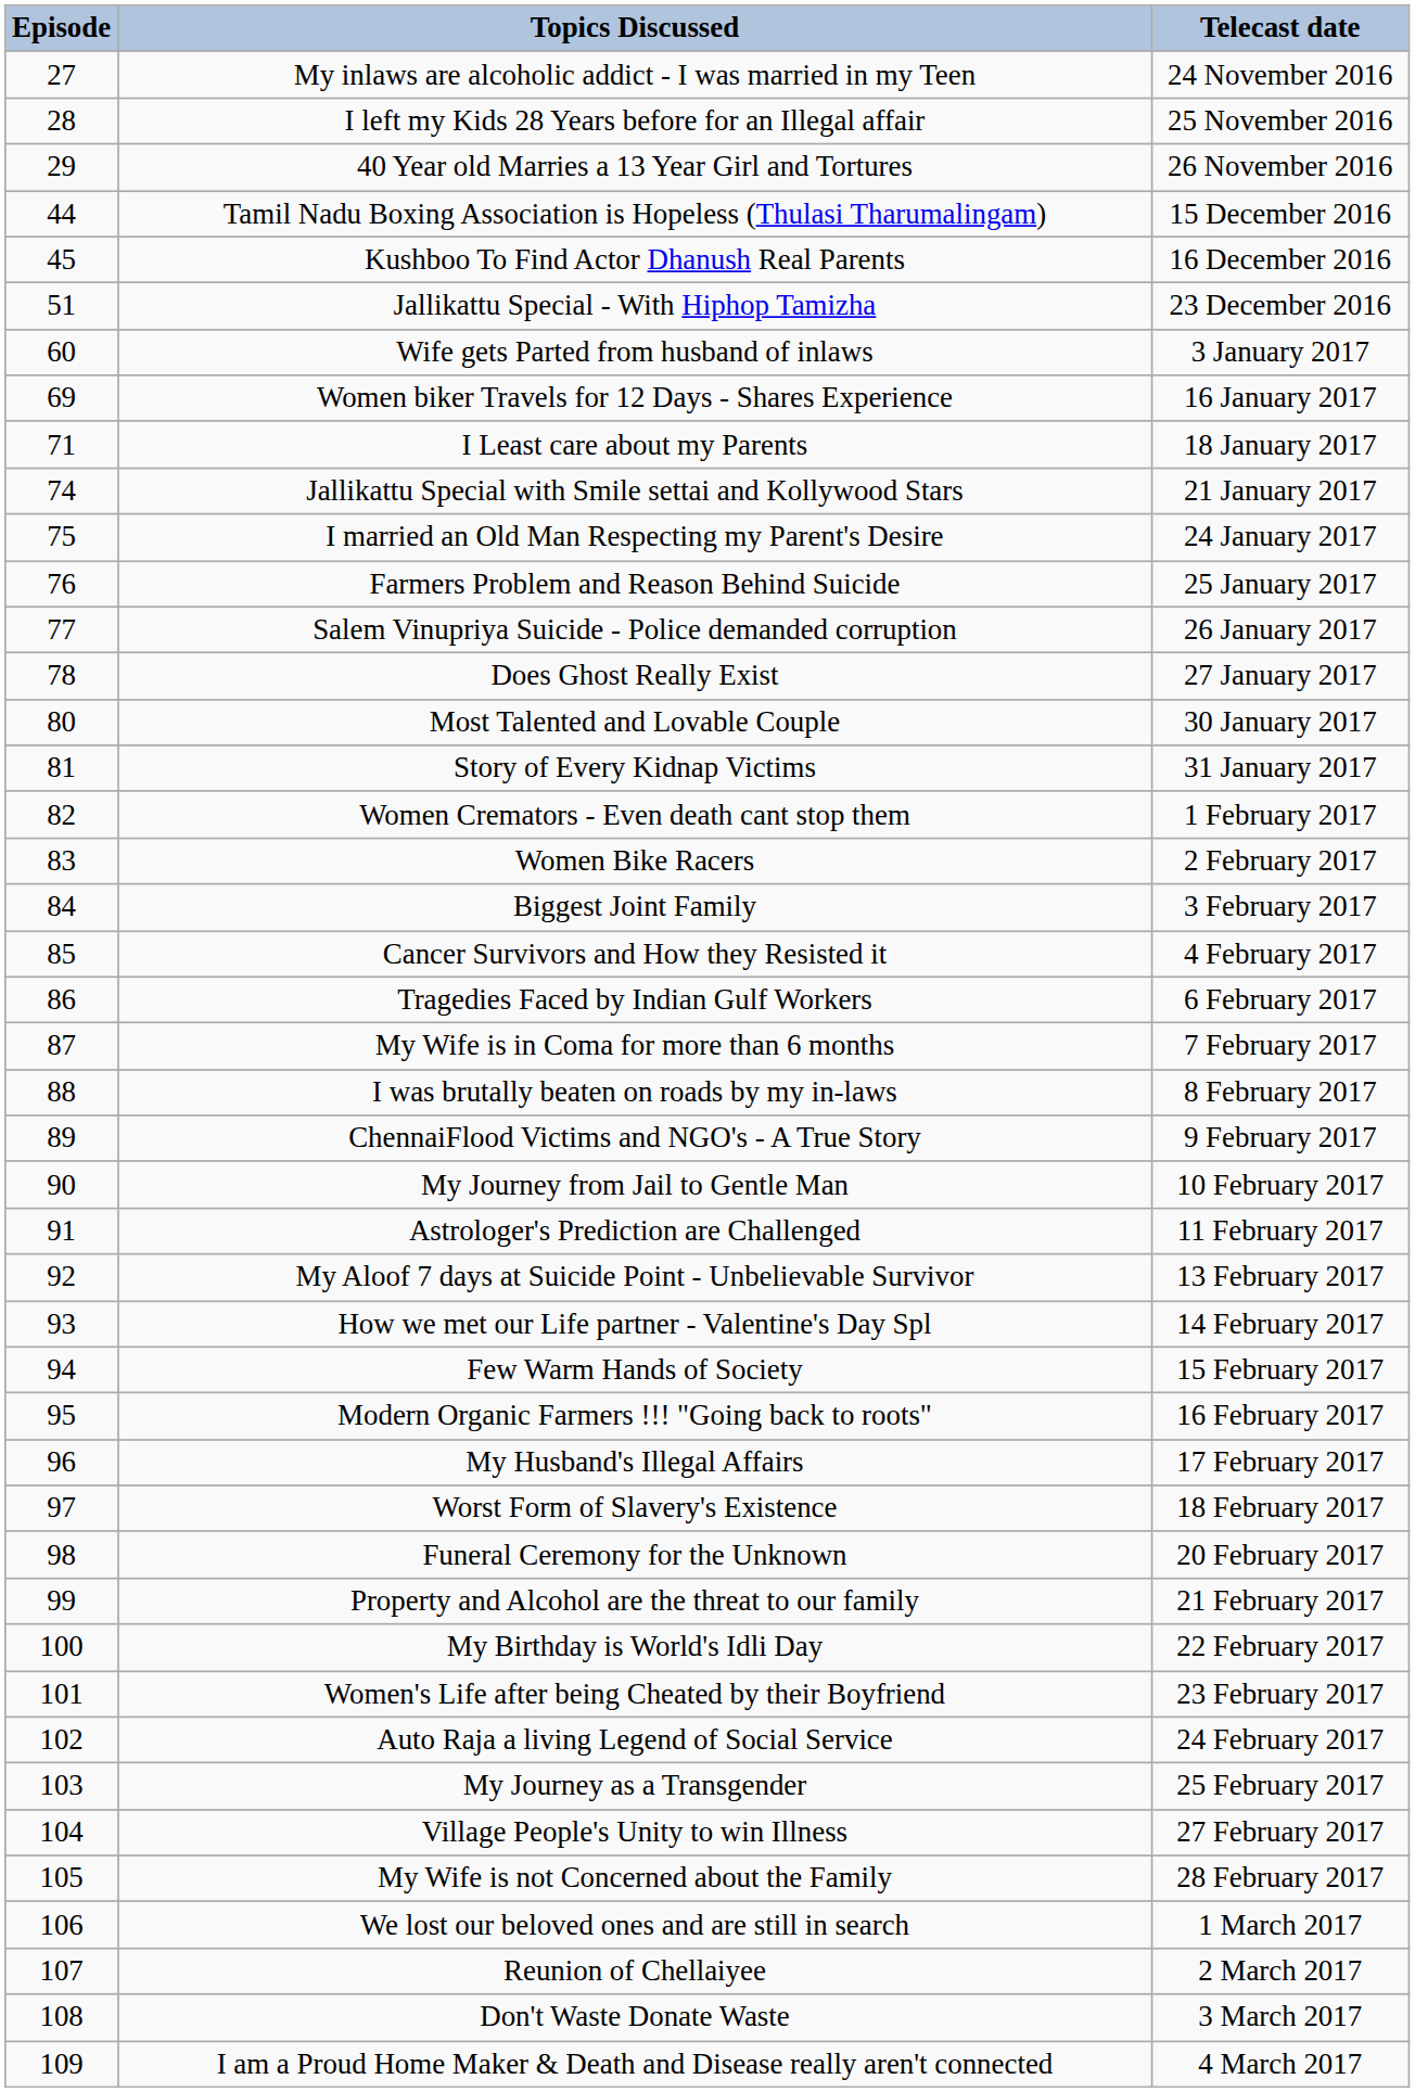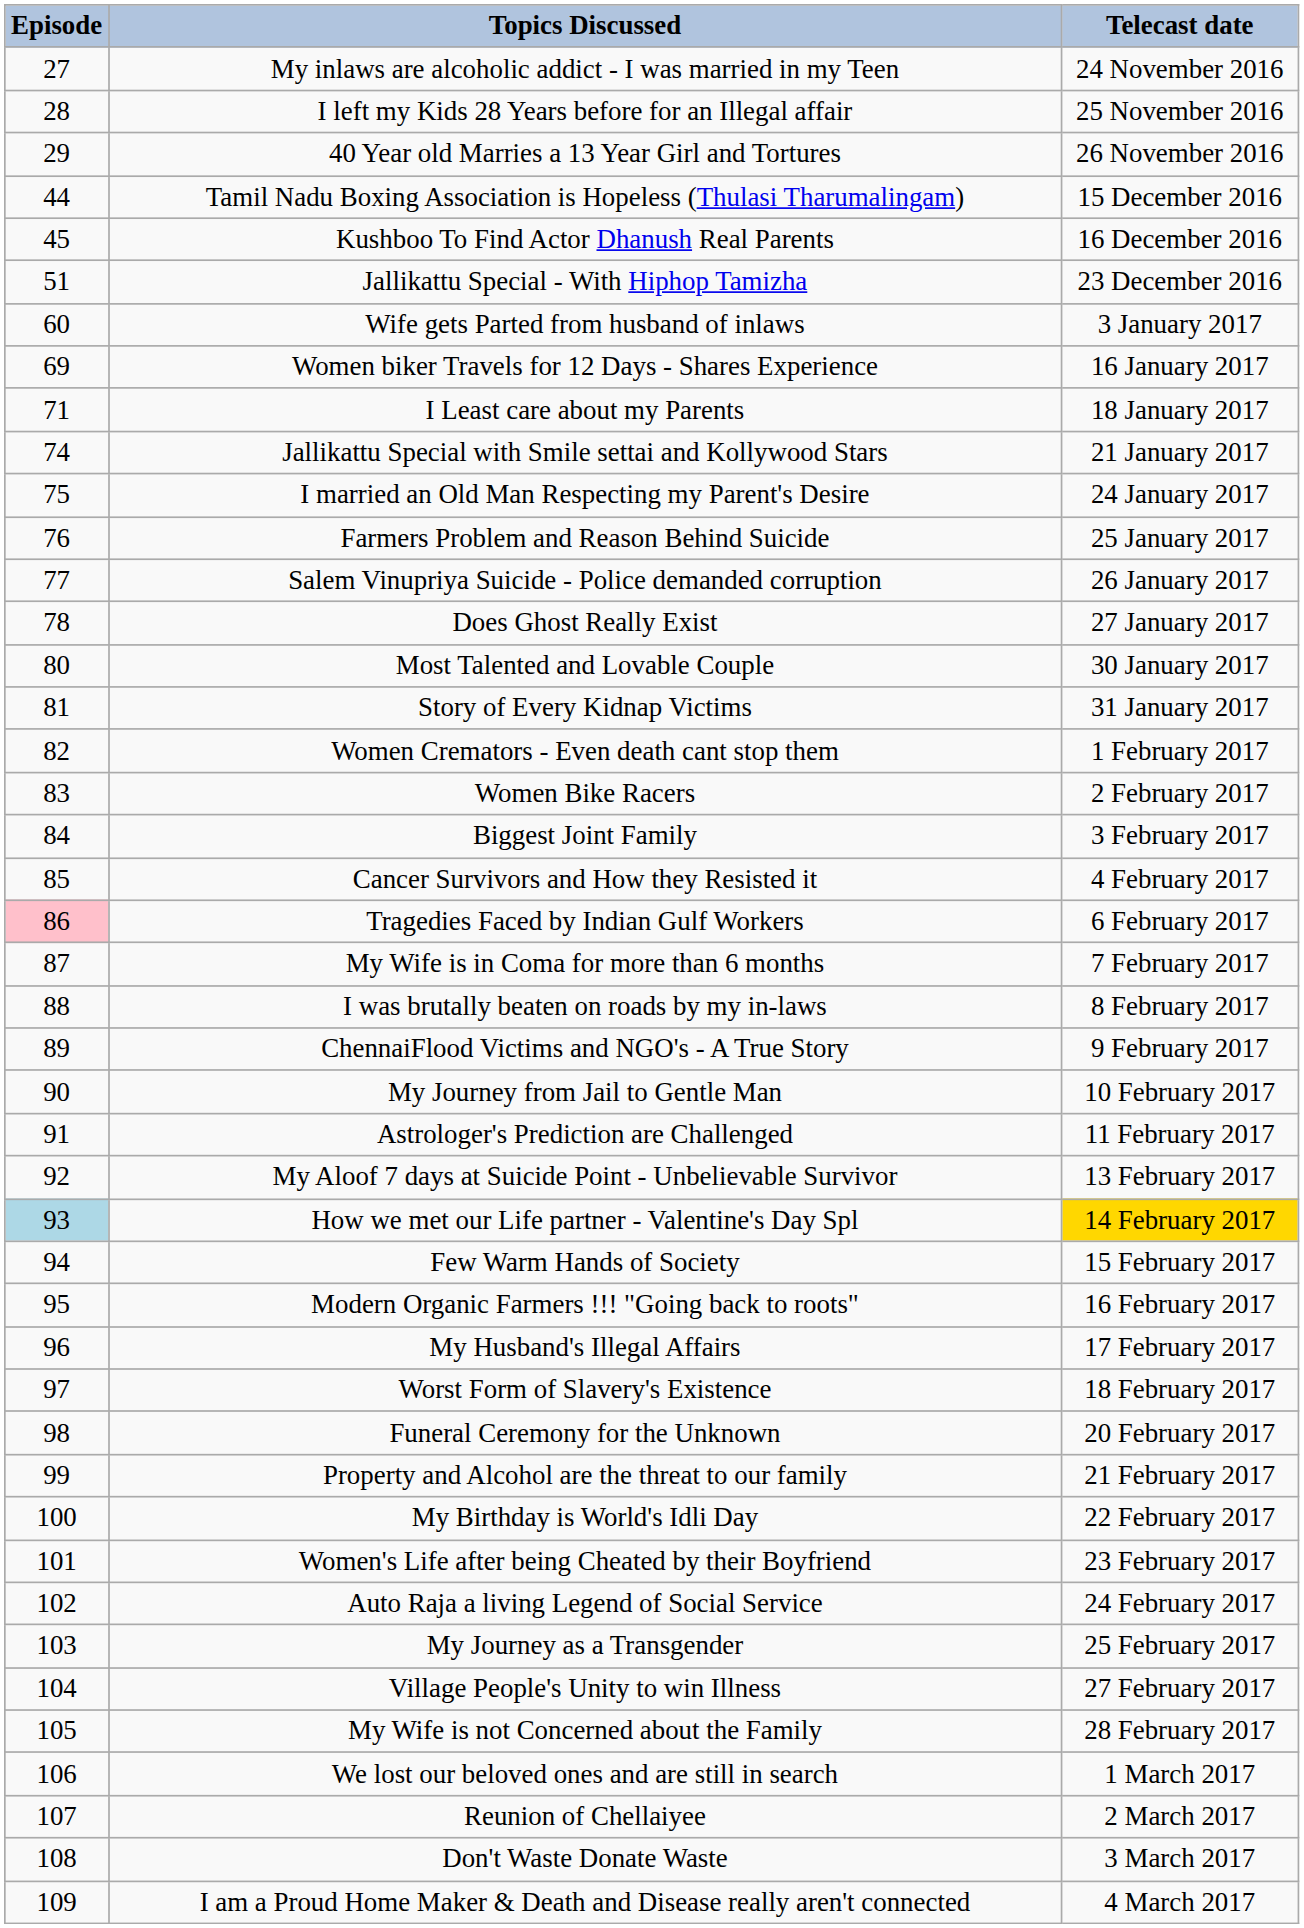 <table class="wikitable" style="text-align:center;">
 <tr>
 <th style="width:20pt; background:LightSteelBlue;">Episode</th>
 <th style="width:420pt; background:LightSteelBlue;">Topics Discussed</th>
 <th style="width:100pt; background:LightSteelBlue;">Telecast date</th>
 </tr>
 <tr>
 <td>27</td>
 <td>My inlaws are alcoholic addict - I was married in my Teen</td>
 <td>24 November 2016</td>
 </tr>
 <tr>
 <td>28</td>
 <td>I left my Kids 28 Years before for an Illegal affair</td>
 <td>25 November 2016</td>
 </tr>
 <tr>
 <td>29</td>
 <td>40 Year old Marries a 13 Year Girl and Tortures</td>
 <td>26 November 2016</td>
 </tr>
 <tr>
 <td>44</td>
 <td>Tamil Nadu Boxing Association is Hopeless (<a href='#'>Thulasi Tharumalingam</a>)</td>
 <td>15 December 2016</td>
 </tr>
 <tr>
 <td>45</td>
 <td>Kushboo To Find Actor <a href='#'>Dhanush</a> Real Parents</td>
 <td>16 December 2016</td>
 </tr>
 <tr>
 <td>51</td>
 <td>Jallikattu Special - With <a href='#'>Hiphop Tamizha</a></td>
 <td>23 December 2016</td>
 </tr>
 <tr>
 <td>60</td>
 <td>Wife gets Parted from husband of inlaws</td>
 <td>3 January 2017</td>
 </tr>
 <tr>
 <td>69</td>
 <td>Women biker Travels for 12 Days - Shares Experience</td>
 <td>16 January 2017</td>
 </tr>
 <tr>
 <td>71</td>
 <td>I Least care about my Parents</td>
 <td>18 January 2017</td>
 </tr>
 <tr>
 <td>74</td>
 <td>Jallikattu Special with Smile settai and Kollywood Stars</td>
 <td>21 January 2017</td>
 </tr>
 <tr>
 <td>75</td>
 <td>I married an Old Man Respecting my Parent's Desire</td>
 <td>24 January 2017</td>
 </tr>
 <tr>
 <td>76</td>
 <td>Farmers Problem and Reason Behind Suicide</td>
 <td>25 January 2017</td>
 </tr>
 <tr>
 <td>77</td>
 <td>Salem Vinupriya Suicide - Police demanded corruption</td>
 <td>26 January 2017</td>
 </tr>
 <tr>
 <td>78</td>
 <td>Does Ghost Really Exist</td>
 <td>27 January 2017</td>
 </tr>
 <tr>
 <td>80</td>
 <td>Most Talented and Lovable Couple</td>
 <td>30 January 2017</td>
 </tr>
 <tr>
 <td>81</td>
 <td>Story of Every Kidnap Victims</td>
 <td>31 January 2017</td>
 </tr>
 <tr>
 <td>82</td>
 <td>Women Cremators - Even death cant stop them</td>
 <td>1 February 2017</td>
 </tr>
 <tr>
 <td>83</td>
 <td>Women Bike Racers</td>
 <td>2 February 2017</td>
 </tr>
 <tr>
 <td>84</td>
 <td>Biggest Joint Family</td>
 <td>3 February 2017</td>
 </tr>
 <tr>
 <td>85</td>
 <td>Cancer Survivors and How they Resisted it</td>
 <td>4 February 2017</td>
 </tr>
 <tr>
-<td>86</td>
+<td style="background: pink;">86</td>
 <td>Tragedies Faced by Indian Gulf Workers</td>
 <td>6 February 2017</td>
 </tr>
 <tr>
 <td>87</td>
 <td>My Wife is in Coma for more than 6 months</td>
 <td>7 February 2017</td>
 </tr>
 <tr>
 <td>88</td>
 <td>I was brutally beaten on roads by my in-laws</td>
 <td>8 February 2017</td>
 </tr>
 <tr>
 <td>89</td>
 <td>ChennaiFlood Victims and NGO's - A True Story</td>
 <td>9 February 2017</td>
 </tr>
 <tr>
 <td>90</td>
 <td>My Journey from Jail to Gentle Man</td>
 <td>10 February 2017</td>
 </tr>
 <tr>
 <td>91</td>
 <td>Astrologer's Prediction are Challenged</td>
 <td>11 February 2017</td>
 </tr>
 <tr>
 <td>92</td>
 <td>My Aloof 7 days at Suicide Point - Unbelievable Survivor</td>
 <td>13 February 2017</td>
 </tr>
 <tr>
-<td>93</td>
+<td style="background: lightblue;">93</td>
 <td>How we met our Life partner - Valentine's Day Spl</td>
-<td>14 February 2017</td>
+<td style="background: gold;">14 February 2017</td>
 </tr>
 <tr>
 <td>94</td>
 <td>Few Warm Hands of Society</td>
 <td>15 February 2017</td>
 </tr>
 <tr>
 <td>95</td>
 <td>Modern Organic Farmers !!! "Going back to roots"</td>
 <td>16 February 2017</td>
 </tr>
 <tr>
 <td>96</td>
 <td>My Husband's Illegal Affairs</td>
 <td>17 February 2017</td>
 </tr>
 <tr>
 <td>97</td>
 <td>Worst Form of Slavery's Existence</td>
 <td>18 February 2017</td>
 </tr>
 <tr>
 <td>98</td>
 <td>Funeral Ceremony for the Unknown</td>
 <td>20 February 2017</td>
 </tr>
 <tr>
 <td>99</td>
 <td>Property and Alcohol are the threat to our family</td>
 <td>21 February 2017</td>
 </tr>
 <tr>
 <td>100</td>
 <td>My Birthday is World's Idli Day</td>
 <td>22 February 2017</td>
 </tr>
 <tr>
 <td>101</td>
 <td>Women's Life after being Cheated by their Boyfriend</td>
 <td>23 February 2017</td>
 </tr>
 <tr>
 <td>102</td>
 <td>Auto Raja a living Legend of Social Service</td>
 <td>24 February 2017</td>
 </tr>
 <tr>
 <td>103</td>
 <td>My Journey as a Transgender</td>
 <td>25 February 2017</td>
 </tr>
 <tr>
 <td>104</td>
 <td>Village People's Unity to win Illness</td>
 <td>27 February 2017</td>
 </tr>
 <tr>
 <td>105</td>
 <td>My Wife is not Concerned about the Family</td>
 <td>28 February 2017</td>
 </tr>
 <tr>
 <td>106</td>
 <td>We lost our beloved ones and are still in search</td>
 <td>1 March 2017</td>
 </tr>
 <tr>
 <td>107</td>
 <td>Reunion of Chellaiyee</td>
 <td>2 March 2017</td>
 </tr>
 <tr>
 <td>108</td>
 <td>Don't Waste Donate Waste</td>
 <td>3 March 2017</td>
 </tr>
 <tr>
 <td>109</td>
 <td>I am a Proud Home Maker & Death and Disease really aren't connected</td>
 <td>4 March 2017</td>
 </tr>
 </table>
